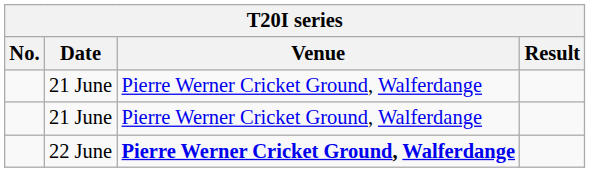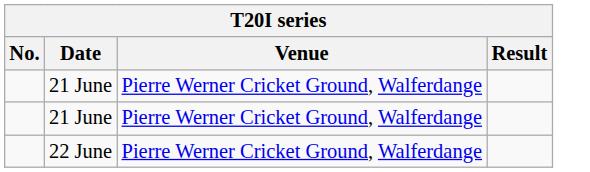 <table class="wikitable">
 <tr>
 <th colspan="5">T20I series</th>
 </tr>
 <tr>
 <th>No.</th>
 <th>Date</th>
 <th>Venue</th>
 <th>Result</th>
 </tr>
 <tr>
 <td></td>
 <td>21 June</td>
 <td><a href='#'>Pierre Werner Cricket Ground</a>, <a href='#'>Walferdange</a></td>
 <td></td>
 </tr>
 <tr>
 <td></td>
 <td>21 June</td>
 <td><a href='#'>Pierre Werner Cricket Ground</a>, <a href='#'>Walferdange</a></td>
 <td></td>
 </tr>
 <tr>
 <td></td>
 <td>22 June</td>
-<td><strong><a href='#'>Pierre Werner Cricket Ground</a>, <a href='#'>Walferdange</a></strong></td>
+<td><a href='#'>Pierre Werner Cricket Ground</a>, <a href='#'>Walferdange</a></td>
 <td></td>
 </tr>
 </table>
